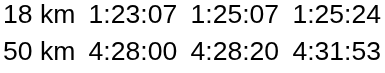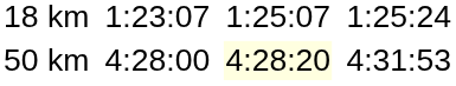 <table>
 <tr>
 <td>18 km<br></td>
 <td></td>
 <td>1:23:07</td>
 <td></td>
 <td>1:25:07</td>
 <td></td>
 <td>1:25:24</td>
 </tr>
 <tr>
 <td>50 km<br></td>
 <td></td>
 <td>4:28:00</td>
 <td></td>
-<td>4:28:20</td>
+<td style="background: lightyellow;">4:28:20</td>
 <td></td>
 <td>4:31:53</td>
 </tr>
 </table>
